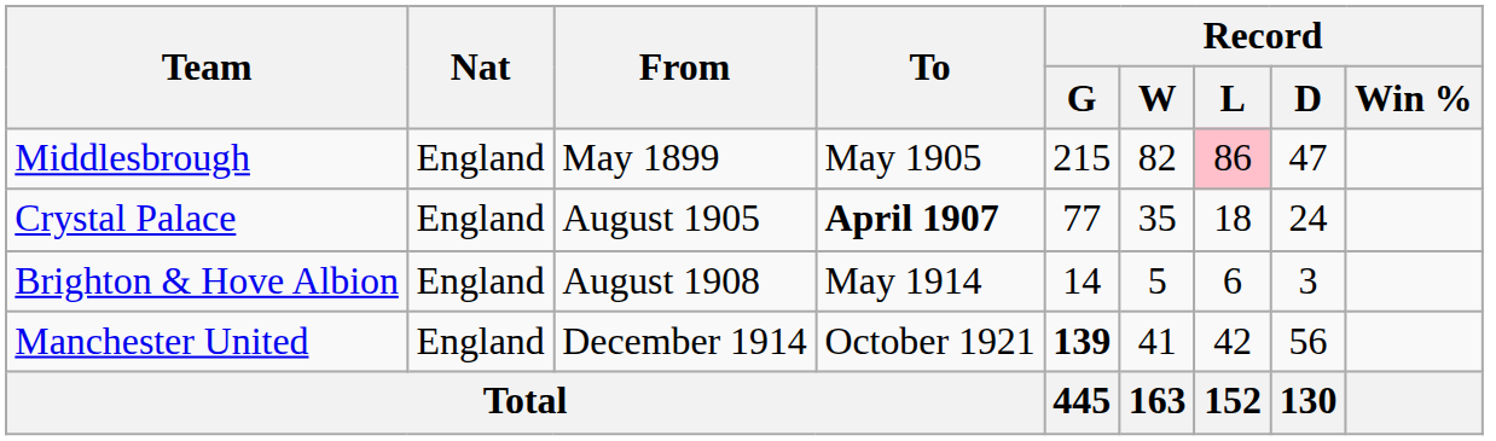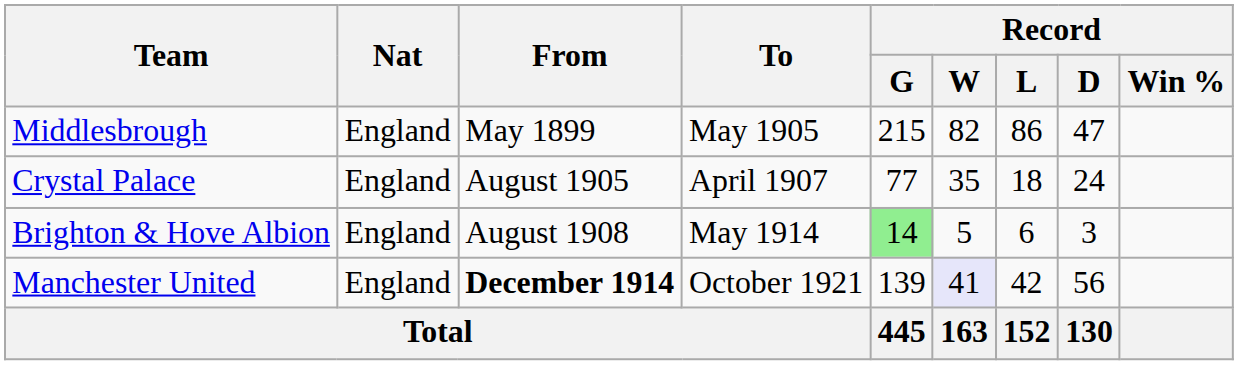 <table class="wikitable" style="text-align: center">
 <tr>
 <th rowspan="2">Team</th>
 <th rowspan="2">Nat</th>
 <th rowspan="2">From</th>
 <th rowspan="2">To</th>
 <th colspan="5">Record</th>
 </tr>
 <tr>
 <th>G</th>
 <th>W</th>
 <th>L</th>
 <th>D</th>
 <th>Win %</th>
 </tr>
 <tr>
 <td align=left><a href='#'>Middlesbrough</a></td>
 <td>England</td>
 <td align=left>May 1899</td>
 <td align=left>May 1905</td>
 <td>215</td>
 <td>82</td>
-<td style="background: pink;">86</td>
+<td>86</td>
 <td>47</td>
 <td></td>
 </tr>
 <tr>
 <td align=left><a href='#'>Crystal Palace</a></td>
 <td>England</td>
 <td align=left>August 1905</td>
-<td align=left><strong>April 1907</strong></td>
+<td align=left>April 1907</td>
 <td>77</td>
 <td>35</td>
 <td>18</td>
 <td>24</td>
 <td></td>
 </tr>
 <tr>
 <td align=left><a href='#'>Brighton & Hove Albion</a></td>
 <td>England</td>
 <td align=left>August 1908</td>
 <td align=left>May 1914</td>
-<td>14</td>
+<td style="background: lightgreen;">14</td>
 <td>5</td>
 <td>6</td>
 <td>3</td>
 <td></td>
 </tr>
 <tr>
 <td align=left><a href='#'>Manchester United</a></td>
 <td>England</td>
-<td align=left>December 1914</td>
+<td align=left><strong>December 1914</strong></td>
 <td align=left>October 1921</td>
-<td><strong>139</strong></td>
-<td>41</td>
+<td>139</td>
+<td style="background: lavender;">41</td>
 <td>42</td>
 <td>56</td>
 <td></td>
 </tr>
 <tr>
 <th colspan="4">Total</th>
 <th>445</th>
 <th>163</th>
 <th>152</th>
 <th>130</th>
 <th></th>
 </tr>
 </table>
